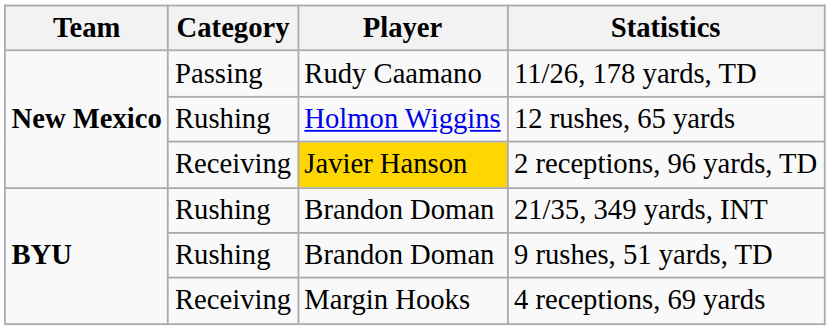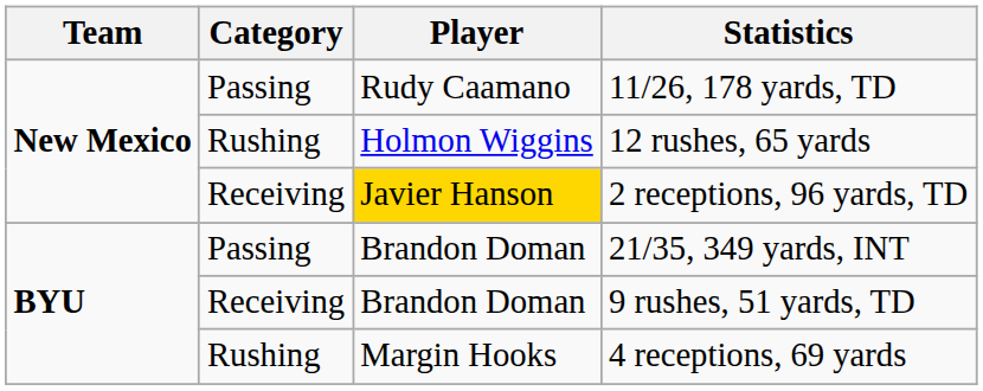 <table class="wikitable" style="float: left;">
 <tr>
 <th>Team</th>
 <th>Category</th>
 <th>Player</th>
 <th>Statistics</th>
 </tr>
 <tr>
 <td rowspan=3><strong>New Mexico</strong></td>
 <td>Passing</td>
 <td>Rudy Caamano</td>
 <td>11/26, 178 yards, TD</td>
 </tr>
 <tr>
 <td>Rushing</td>
 <td><a href='#'>Holmon Wiggins</a></td>
 <td>12 rushes, 65 yards</td>
 </tr>
 <tr>
 <td>Receiving</td>
 <td style="background: gold;">Javier Hanson</td>
 <td>2 receptions, 96 yards, TD</td>
 </tr>
 <tr>
 <td rowspan=3><strong>BYU</strong></td>
-<td>Rushing</td>
+<td>Passing</td>
 <td>Brandon Doman</td>
 <td>21/35, 349 yards, INT</td>
 </tr>
 <tr>
-<td>Rushing</td>
+<td>Receiving</td>
 <td>Brandon Doman</td>
 <td>9 rushes, 51 yards, TD</td>
 </tr>
 <tr>
-<td>Receiving</td>
+<td>Rushing</td>
 <td>Margin Hooks</td>
 <td>4 receptions, 69 yards</td>
 </tr>
 </table>
